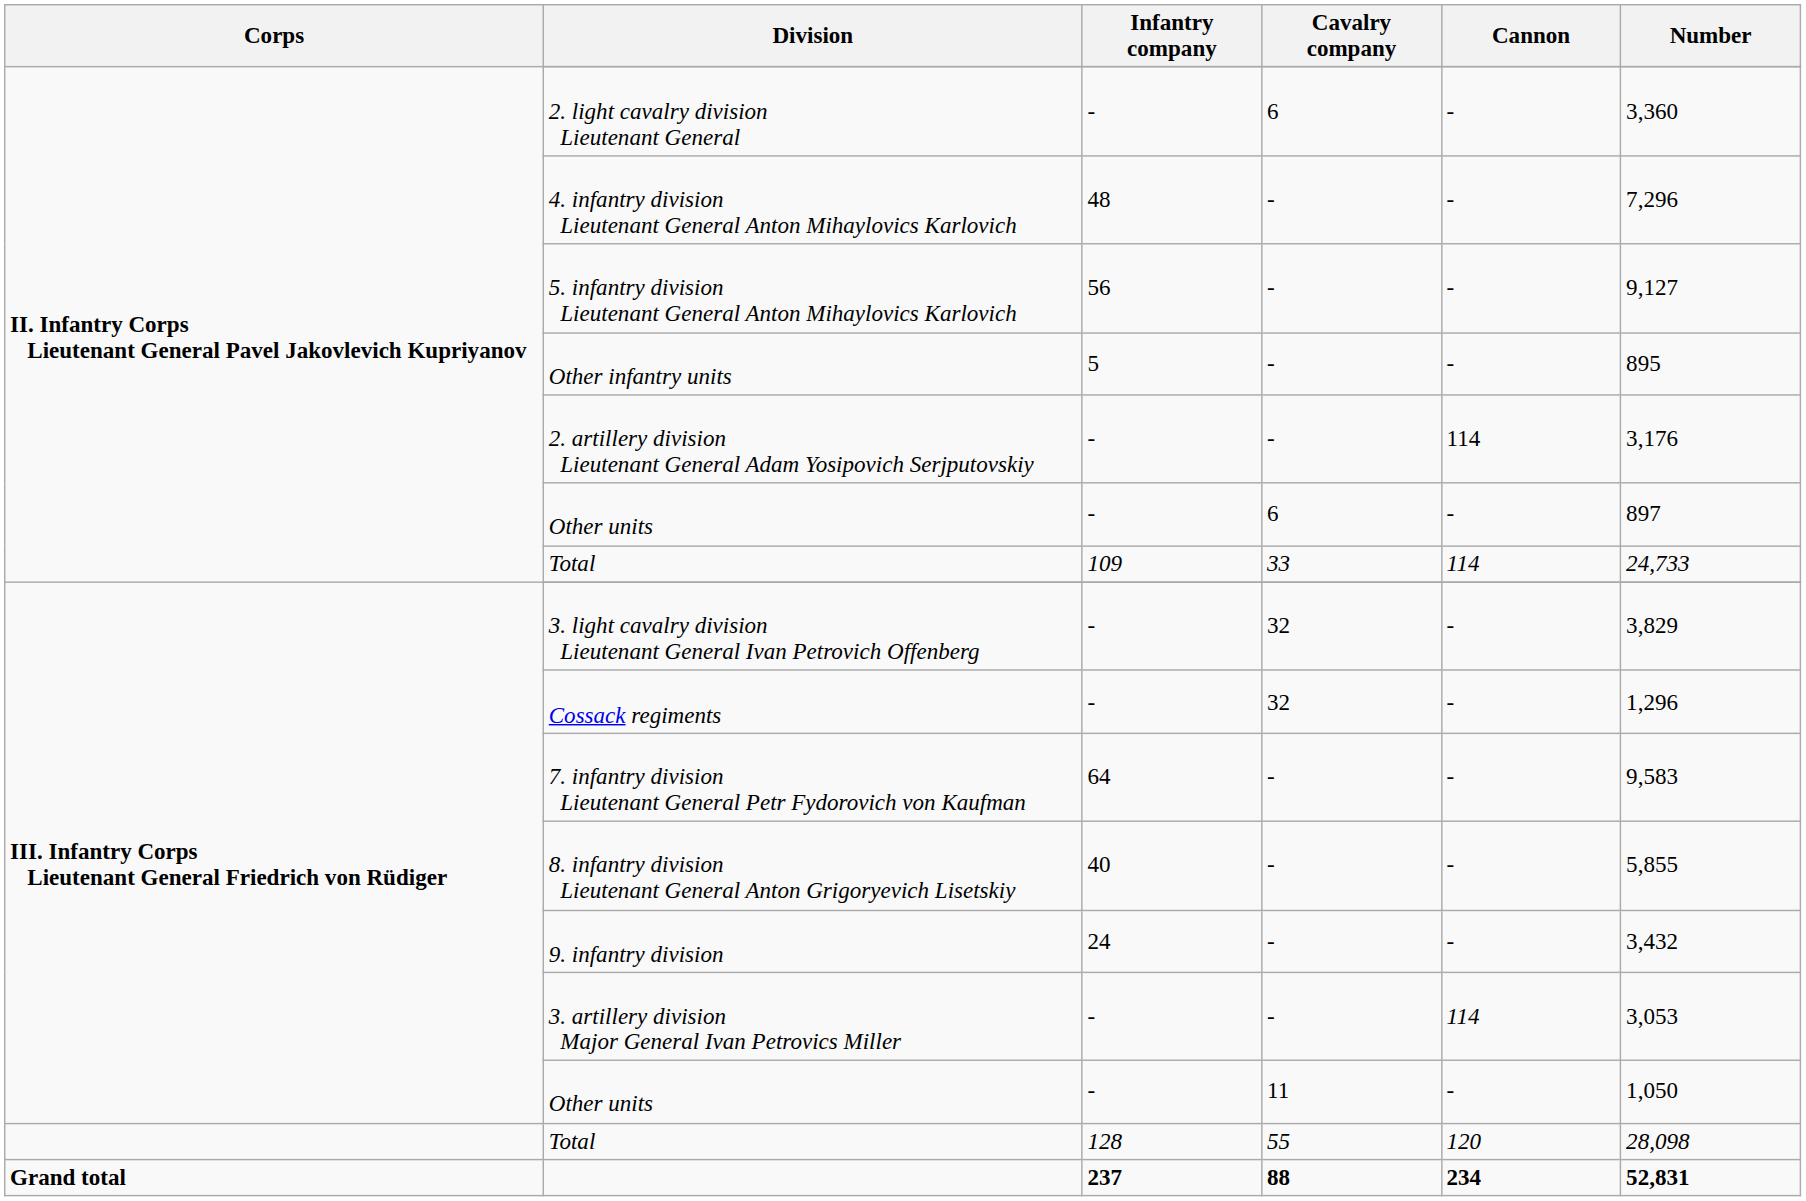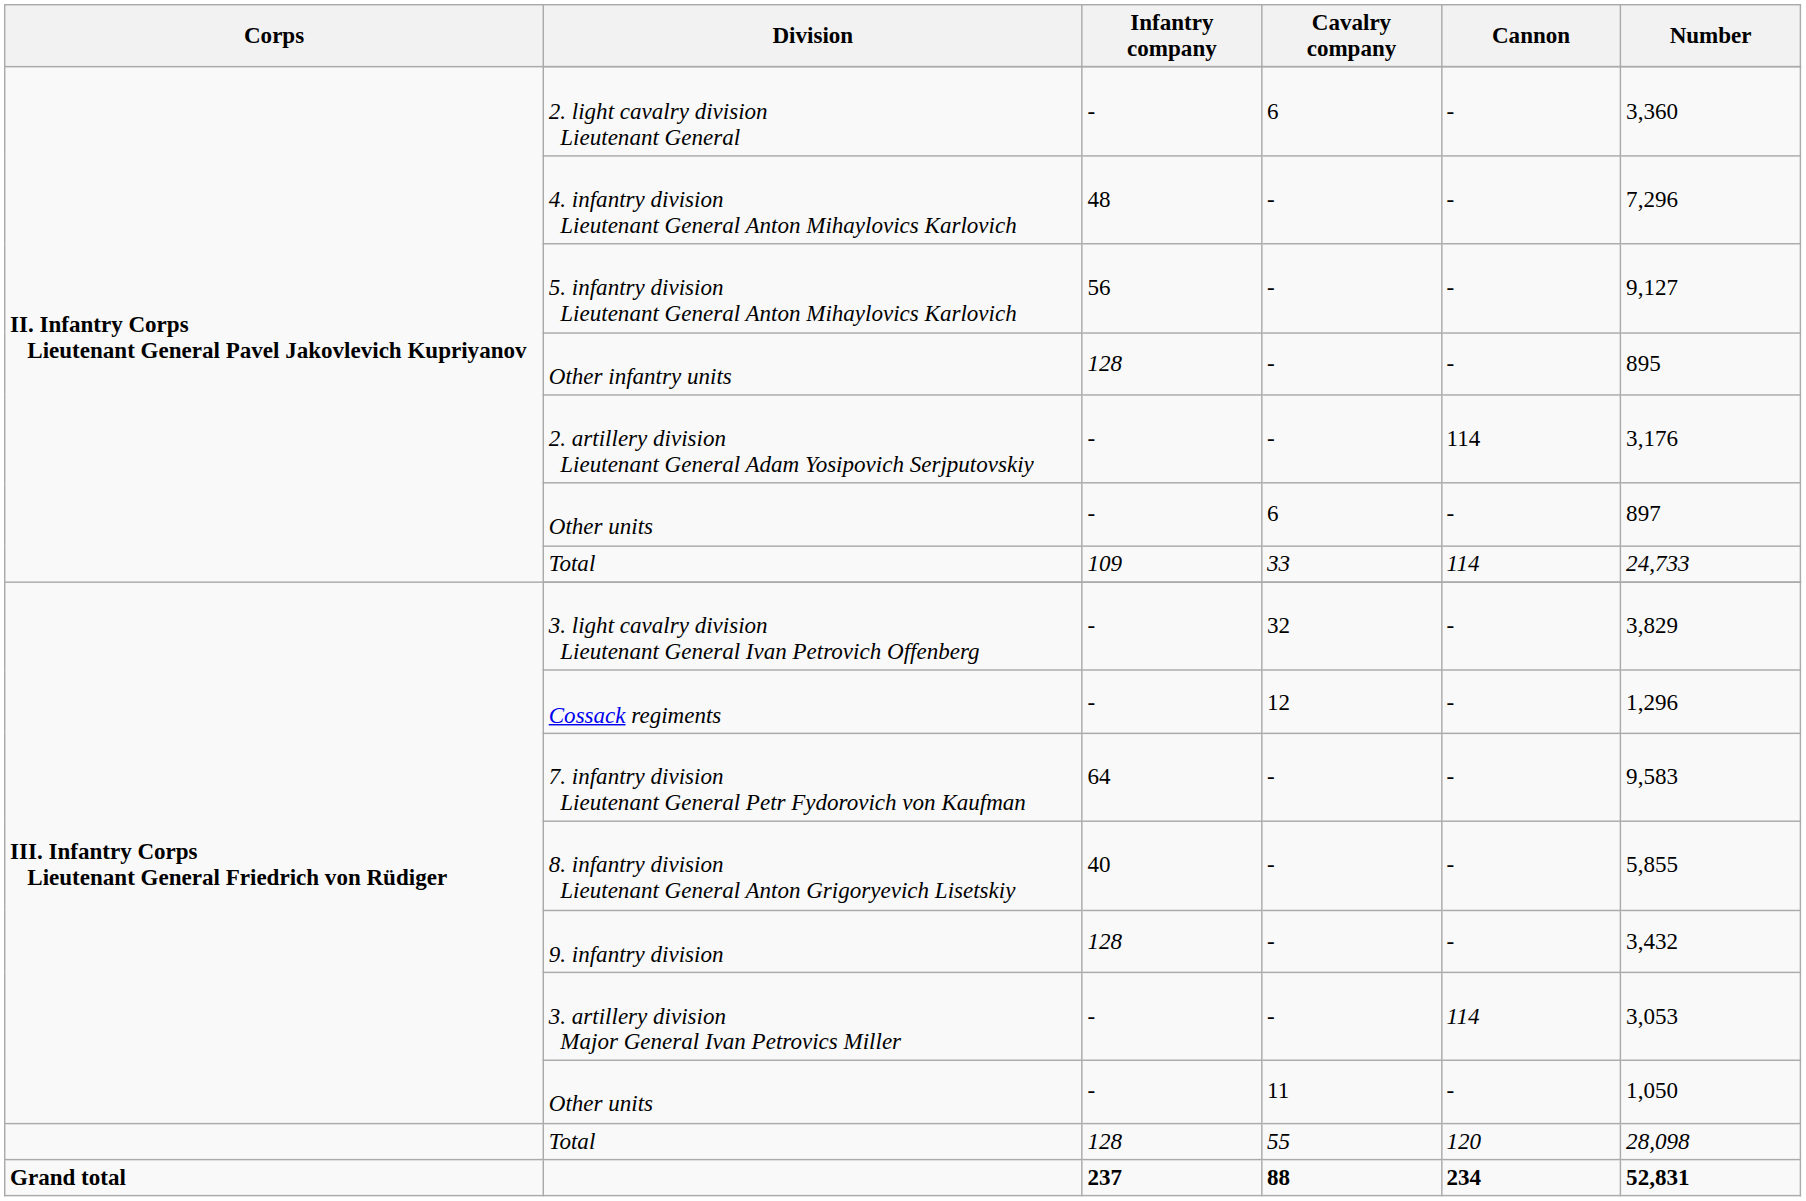 <table class="wikitable">
 <tr>
 <th width=30%>Corps</th>
 <th width=30%>Division</th>
 <th width=10%>Infantry company</th>
 <th width=10%>Cavalry company</th>
 <th width=10%>Cannon</th>
 <th width=10%>Number</th>
 </tr>
 <tr>
 <td rowspan=8><br><strong>II. Infantry Corps</strong> <br>   <strong>Lieutenant General Pavel Jakovlevich Kupriyanov</strong></td>
 </tr>
 <tr>
 <td><br><em>2. light cavalry division</em> <br>  <em>Lieutenant General </em></td>
 <td>-</td>
 <td>6</td>
 <td>-</td>
 <td>3,360</td>
 </tr>
 <tr>
 <td><br><em>4. infantry division</em> <br>  <em>Lieutenant General Anton Mihaylovics Karlovich</em></td>
 <td>48</td>
 <td>-</td>
 <td>-</td>
 <td>7,296</td>
 </tr>
 <tr>
 <td><br><em>5. infantry division</em> <br>  <em>Lieutenant General Anton Mihaylovics Karlovich</em></td>
 <td>56</td>
 <td>-</td>
 <td>-</td>
 <td>9,127</td>
 </tr>
 <tr>
 <td><br><em>Other infantry units</em></td>
-<td>5</td>
+<td><em>128</em></td>
 <td>-</td>
 <td>-</td>
 <td>895</td>
 </tr>
 <tr>
 <td><br><em>2. artillery division</em> <br>  <em>Lieutenant General Adam Yosipovich Serjputovskiy</em></td>
 <td>-</td>
 <td>-</td>
 <td>114</td>
 <td>3,176</td>
 </tr>
 <tr>
 <td><br><em>Other units</em></td>
 <td>-</td>
 <td>6</td>
 <td>-</td>
 <td>897</td>
 </tr>
 <tr>
 <td><em>Total</em></td>
 <td><em>109</em></td>
 <td><em>33</em></td>
 <td><em>114</em></td>
 <td><em>24,733</em></td>
 </tr>
 <tr>
 <td rowspan=8><br><strong>III. Infantry Corps</strong> <br>   <strong>Lieutenant General Friedrich von Rüdiger</strong></td>
 </tr>
 <tr>
 <td><br><em>3. light cavalry division</em> <br>  <em>Lieutenant General Ivan Petrovich Offenberg</em></td>
 <td>-</td>
 <td>32</td>
 <td>-</td>
 <td>3,829</td>
 </tr>
 <tr>
 <td><br><em><a href='#'>Cossack</a> regiments</em></td>
 <td>-</td>
-<td>32</td>
+<td>12</td>
 <td>-</td>
 <td>1,296</td>
 </tr>
 <tr>
 <td><br><em>7. infantry division</em> <br>  <em>Lieutenant General Petr Fydorovich von Kaufman</em></td>
 <td>64</td>
 <td>-</td>
 <td>-</td>
 <td>9,583</td>
 </tr>
 <tr>
 <td><br><em>8. infantry division</em> <br>  <em>Lieutenant General Anton Grigoryevich Lisetskiy</em></td>
 <td>40</td>
 <td>-</td>
 <td>-</td>
 <td>5,855</td>
 </tr>
 <tr>
 <td><br><em>9. infantry division</em></td>
-<td>24</td>
+<td><em>128</em></td>
 <td>-</td>
 <td>-</td>
 <td>3,432</td>
 </tr>
 <tr>
 <td><br><em>3. artillery division</em> <br>  <em>Major General Ivan Petrovics Miller</em></td>
 <td>-</td>
 <td>-</td>
 <td><em>114</em></td>
 <td>3,053</td>
 </tr>
 <tr>
 <td><br><em>Other units</em></td>
 <td>-</td>
 <td>11</td>
 <td>-</td>
 <td>1,050</td>
 </tr>
 <tr>
 <td></td>
 <td><em>Total</em></td>
 <td><em>128</em></td>
 <td><em>55</em></td>
 <td><em>120</em></td>
 <td><em>28,098</em></td>
 </tr>
 <tr>
 <td><strong>Grand total</strong></td>
 <td></td>
 <td><strong>237</strong></td>
 <td><strong>88</strong></td>
 <td><strong>234</strong></td>
 <td><strong>52,831</strong></td>
 </tr>
 </table>
